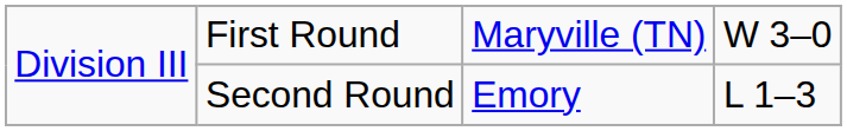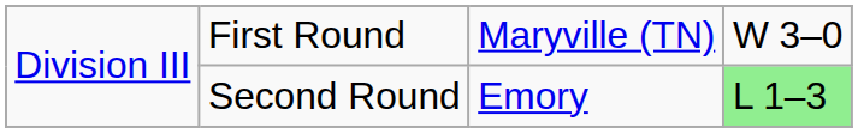 <table class="wikitable">
 <tr>
 <td rowspan="5"><a href='#'>Division III</a></td>
 <td>First Round</td>
 <td><a href='#'>Maryville (TN)</a></td>
 <td>W 3–0</td>
 </tr>
 <tr>
 <td>Second Round</td>
 <td><a href='#'>Emory</a></td>
-<td>L 1–3</td>
+<td style="background: lightgreen;">L 1–3</td>
 </tr>
 </table>
